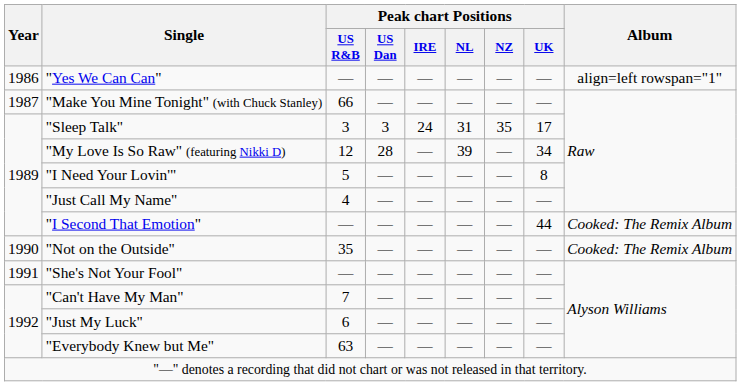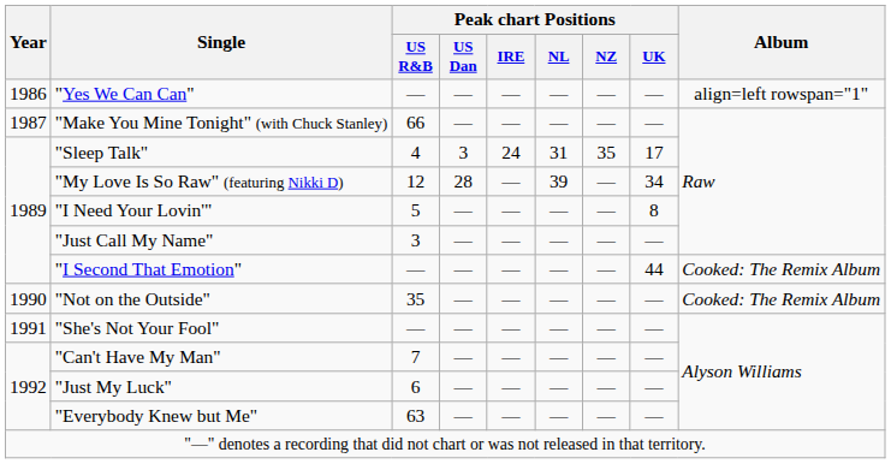 <table class="wikitable" style="text-align:center;">
 <tr>
 <th rowspan="2">Year</th>
 <th rowspan="2">Single</th>
 <th colspan="6">Peak chart Positions</th>
 <th rowspan="2">Album</th>
 </tr>
 <tr style="font-size:smaller;">
 <th width="35"><a href='#'>US<br>R&B</a><br></th>
 <th width="35"><a href='#'>US<br>Dan</a><br></th>
 <th width="35"><a href='#'>IRE</a><br></th>
 <th width="35"><a href='#'>NL</a><br></th>
 <th width="35"><a href='#'>NZ</a><br></th>
 <th width="35"><a href='#'>UK</a><br></th>
 </tr>
 <tr>
 <td rowspan="1">1986</td>
 <td align="left">"<a href='#'>Yes We Can Can</a>"</td>
 <td>—</td>
 <td>—</td>
 <td>—</td>
 <td>—</td>
 <td>—</td>
 <td>—</td>
 <td>align=left rowspan="1" </td>
 </tr>
 <tr>
 <td rowspan="1">1987</td>
 <td align="left">"Make You Mine Tonight" <small>(with Chuck Stanley)</small></td>
 <td>66</td>
 <td>—</td>
 <td>—</td>
 <td>—</td>
 <td>—</td>
 <td>—</td>
 <td align=left rowspan="5"><em>Raw</em></td>
 </tr>
 <tr>
 <td rowspan="5">1989</td>
 <td align="left">"Sleep Talk"</td>
-<td>3</td>
+<td>4</td>
 <td>3</td>
 <td>24</td>
 <td>31</td>
 <td>35</td>
 <td>17</td>
 </tr>
 <tr>
 <td align="left">"My Love Is So Raw" <small>(featuring <a href='#'>Nikki D</a>)</small></td>
 <td>12</td>
 <td>28</td>
 <td>—</td>
 <td>39</td>
 <td>—</td>
 <td>34</td>
 </tr>
 <tr>
 <td align="left">"I Need Your Lovin'"</td>
 <td>5</td>
 <td>—</td>
 <td>—</td>
 <td>—</td>
 <td>—</td>
 <td>8</td>
 </tr>
 <tr>
 <td align="left">"Just Call My Name"</td>
-<td>4</td>
+<td>3</td>
 <td>—</td>
 <td>—</td>
 <td>—</td>
 <td>—</td>
 <td>—</td>
 </tr>
 <tr>
 <td align="left">"<a href='#'>I Second That Emotion</a>"</td>
 <td>—</td>
 <td>—</td>
 <td>—</td>
 <td>—</td>
 <td>—</td>
 <td>44</td>
 <td align=left rowspan="1"><em>Cooked: The Remix Album</em></td>
 </tr>
 <tr>
 <td rowspan="1">1990</td>
 <td align="left">"Not on the Outside"</td>
 <td>35</td>
 <td>—</td>
 <td>—</td>
 <td>—</td>
 <td>—</td>
 <td>—</td>
 <td align=left rowspan="1"><em>Cooked: The Remix Album</em></td>
 </tr>
 <tr>
 <td rowspan="1">1991</td>
 <td align="left">"She's Not Your Fool"</td>
 <td>—</td>
 <td>—</td>
 <td>—</td>
 <td>—</td>
 <td>—</td>
 <td>—</td>
 <td align=left rowspan="4"><em>Alyson Williams</em></td>
 </tr>
 <tr>
 <td rowspan="3">1992</td>
 <td align="left">"Can't Have My Man"</td>
 <td>7</td>
 <td>—</td>
 <td>—</td>
 <td>—</td>
 <td>—</td>
 <td>—</td>
 </tr>
 <tr>
 <td align="left">"Just My Luck"</td>
 <td>6</td>
 <td>—</td>
 <td>—</td>
 <td>—</td>
 <td>—</td>
 <td>—</td>
 </tr>
 <tr>
 <td align="left">"Everybody Knew but Me"</td>
 <td>63</td>
 <td>—</td>
 <td>—</td>
 <td>—</td>
 <td>—</td>
 <td>—</td>
 </tr>
 <tr>
 <td colspan="15" style="font-size:90%">"—" denotes a recording that did not chart or was not released in that territory.</td>
 </tr>
 </table>
